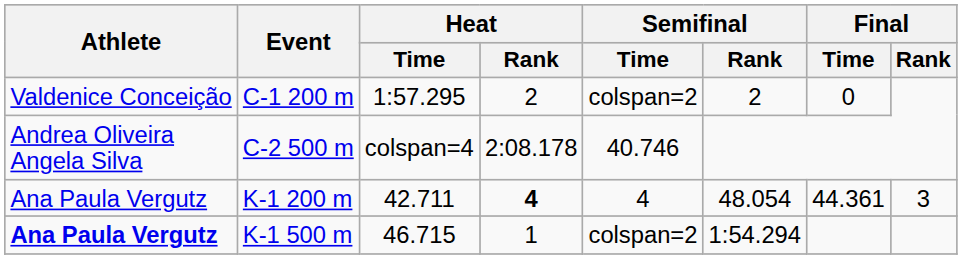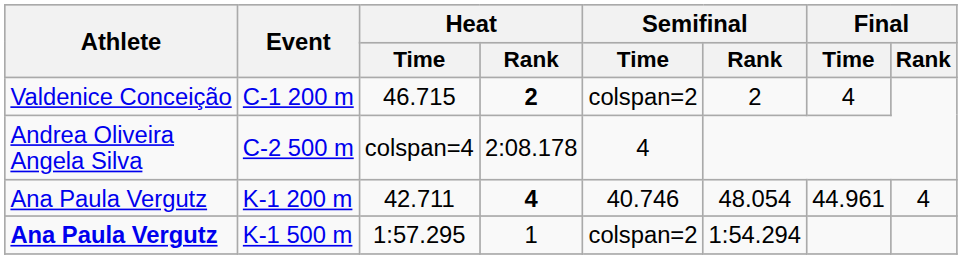 <table class=wikitable style=font-size:90%;text-align:center>
 <tr>
 <th rowspan=2>Athlete</th>
 <th rowspan=2>Event</th>
 <th colspan=2>Heat</th>
 <th colspan=2>Semifinal</th>
 <th colspan=2>Final</th>
 </tr>
 <tr style=font-size:95%>
 <th>Time</th>
 <th>Rank</th>
 <th>Time</th>
 <th>Rank</th>
 <th>Time</th>
 <th>Rank</th>
 </tr>
 <tr>
 <td align=left><a href='#'>Valdenice Conceição</a></td>
 <td align=left><a href='#'>C-1 200 m</a></td>
-<td>1:57.295</td>
-<td>2</td>
+<td>46.715</td>
+<td><strong>2</strong></td>
 <td>colspan=2 </td>
 <td>2</td>
-<td>0</td>
+<td>4</td>
 </tr>
 <tr>
 <td align=left><a href='#'>Andrea Oliveira</a><br><a href='#'>Angela Silva</a></td>
 <td align=left><a href='#'>C-2 500 m</a></td>
 <td>colspan=4 </td>
 <td>2:08.178</td>
-<td>40.746</td>
+<td>4</td>
 </tr>
 <tr>
 <td align=left><a href='#'>Ana Paula Vergutz</a></td>
 <td align=left><a href='#'>K-1 200 m</a></td>
 <td>42.711</td>
 <td><strong>4</strong></td>
+<td>40.746</td>
+<td>48.054</td>
+<td>44.961</td>
 <td>4</td>
-<td>48.054</td>
-<td>44.361</td>
-<td>3</td>
 </tr>
 <tr>
 <td align=left><strong><a href='#'>Ana Paula Vergutz</a></strong></td>
 <td align=left><a href='#'>K-1 500 m</a></td>
-<td>46.715</td>
+<td>1:57.295</td>
 <td>1</td>
 <td>colspan=2 </td>
 <td>1:54.294</td>
 <td></td>
 </tr>
 </table>
